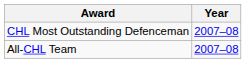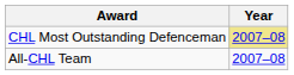 <table class="wikitable">
 <tr>
 <th>Award</th>
 <th>Year</th>
 </tr>
 <tr>
 <td><a href='#'>CHL</a> Most Outstanding Defenceman</td>
-<td><a href='#'>2007–08</a></td>
+<td style="background: khaki;"><a href='#'>2007–08</a></td>
 </tr>
 <tr>
 <td>All-<a href='#'>CHL</a> Team</td>
 <td><a href='#'>2007–08</a></td>
 </tr>
 </table>
